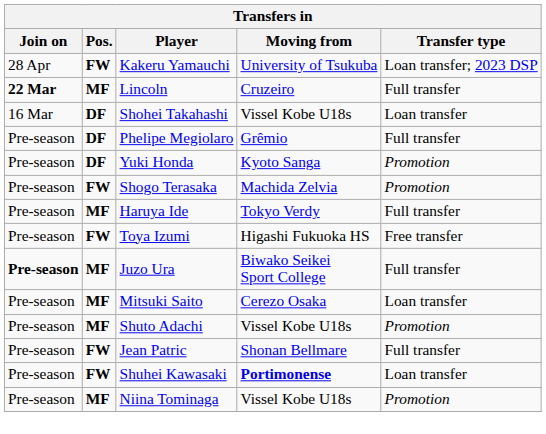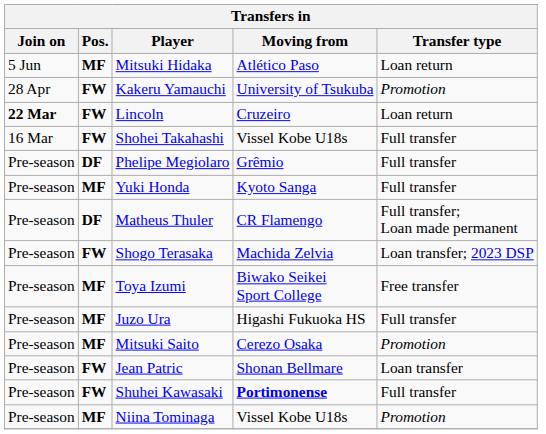 <table class="wikitable sortable" style=“text-align:left;”>
 <tr>
 <th colspan="5">Transfers in</th>
 </tr>
 <tr>
 <th>Join on</th>
 <th>Pos.</th>
 <th>Player</th>
 <th>Moving from</th>
 <th>Transfer type</th>
 </tr>
 <tr>
+<td>5 Jun</td>
+<td><strong>MF</strong></td>
+<td> <a href='#'>Mitsuki Hidaka</a></td>
+<td> <a href='#'>Atlético Paso</a></td>
+<td>Loan return</td>
+</tr>
+<tr>
 <td>28 Apr</td>
 <td><strong>FW</strong></td>
 <td> <a href='#'>Kakeru Yamauchi</a></td>
 <td> <a href='#'>University of Tsukuba</a></td>
-<td>Loan transfer; <a href='#'>2023 DSP</a></td>
+<td><em>Promotion</em></td>
 </tr>
 <tr>
 <td><strong>22 Mar</strong></td>
-<td><strong>MF</strong></td>
+<td><strong>FW</strong></td>
 <td> <a href='#'>Lincoln</a></td>
 <td> <a href='#'>Cruzeiro</a></td>
-<td>Full transfer</td>
+<td>Loan return</td>
 </tr>
 <tr>
 <td>16 Mar</td>
-<td><strong>DF</strong></td>
+<td><strong>FW</strong></td>
 <td> <a href='#'>Shohei Takahashi</a></td>
 <td>Vissel Kobe U18s</td>
-<td>Loan transfer</td>
+<td>Full transfer</td>
 </tr>
 <tr>
 <td>Pre-season</td>
 <td><strong>DF</strong></td>
 <td> <a href='#'>Phelipe Megiolaro</a></td>
 <td> <a href='#'>Grêmio</a></td>
 <td>Full transfer</td>
 </tr>
 <tr>
 <td>Pre-season</td>
-<td><strong>DF</strong></td>
+<td><strong>MF</strong></td>
 <td> <a href='#'>Yuki Honda</a></td>
 <td> <a href='#'>Kyoto Sanga</a></td>
-<td><em>Promotion</em></td>
+<td>Full transfer</td>
+</tr>
+<tr>
+<td>Pre-season</td>
+<td><strong>DF</strong></td>
+<td> <a href='#'>Matheus Thuler</a></td>
+<td> <a href='#'>CR Flamengo</a></td>
+<td>Full transfer;<br> Loan made permanent</td>
 </tr>
 <tr>
 <td>Pre-season</td>
 <td><strong>FW</strong></td>
 <td> <a href='#'>Shogo Terasaka</a></td>
 <td> <a href='#'>Machida Zelvia</a></td>
-<td><em>Promotion</em></td>
+<td>Loan transfer; <a href='#'>2023 DSP</a></td>
 </tr>
 <tr>
 <td>Pre-season</td>
 <td><strong>MF</strong></td>
-<td> <a href='#'>Haruya Ide</a></td>
-<td> <a href='#'>Tokyo Verdy</a></td>
-<td>Full transfer</td>
+<td> <a href='#'>Toya Izumi</a></td>
+<td> <a href='#'>Biwako Seikei<br>Sport College</a></td>
+<td>Free transfer</td>
 </tr>
 <tr>
 <td>Pre-season</td>
-<td><strong>FW</strong></td>
-<td> <a href='#'>Toya Izumi</a></td>
-<td> Higashi Fukuoka HS</td>
-<td>Free transfer</td>
-</tr>
-<tr>
-<td><strong>Pre-season</strong></td>
 <td><strong>MF</strong></td>
 <td> <a href='#'>Juzo Ura</a></td>
-<td> <a href='#'>Biwako Seikei<br>Sport College</a></td>
+<td> Higashi Fukuoka HS</td>
 <td>Full transfer</td>
 </tr>
 <tr>
 <td>Pre-season</td>
 <td><strong>MF</strong></td>
 <td> <a href='#'>Mitsuki Saito</a></td>
 <td> <a href='#'>Cerezo Osaka</a></td>
-<td>Loan transfer</td>
-</tr>
-<tr>
-<td>Pre-season</td>
-<td><strong>MF</strong></td>
-<td> <a href='#'>Shuto Adachi</a></td>
-<td>Vissel Kobe U18s</td>
 <td><em>Promotion</em></td>
 </tr>
 <tr>
 <td>Pre-season</td>
 <td><strong>FW</strong></td>
 <td> <a href='#'>Jean Patric</a></td>
 <td> <a href='#'>Shonan Bellmare</a></td>
-<td>Full transfer</td>
+<td>Loan transfer</td>
 </tr>
 <tr>
 <td>Pre-season</td>
 <td><strong>FW</strong></td>
 <td> <a href='#'>Shuhei Kawasaki</a></td>
 <td><strong> <a href='#'>Portimonense</a></strong></td>
-<td>Loan transfer</td>
+<td>Full transfer</td>
 </tr>
 <tr>
 <td>Pre-season</td>
 <td><strong>MF</strong></td>
 <td> <a href='#'>Niina Tominaga</a></td>
 <td>Vissel Kobe U18s</td>
 <td><em>Promotion</em></td>
 </tr>
 <tr>
 </tr>
 </table>
